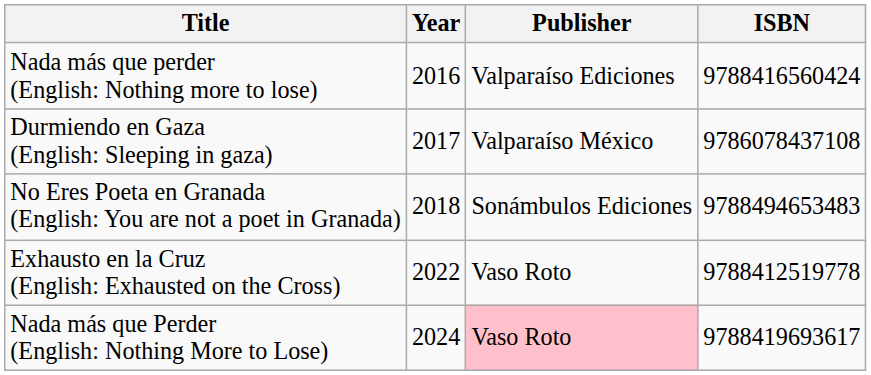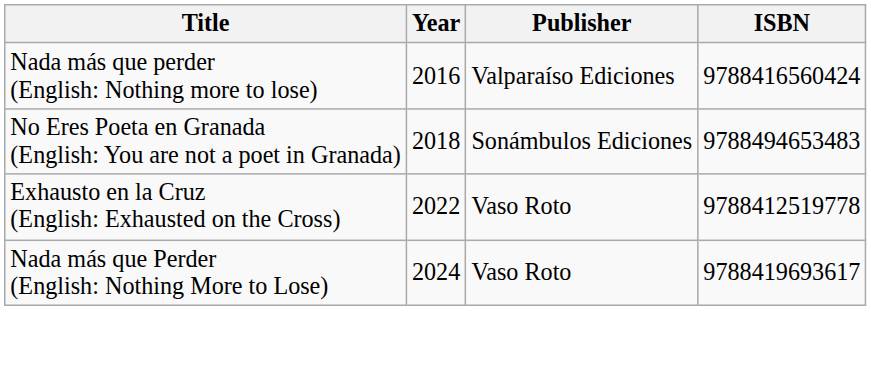 <table class="wikitable sortable">
 <tr>
 <th>Title</th>
 <th>Year</th>
 <th>Publisher</th>
 <th>ISBN</th>
 </tr>
 <tr>
 <td>Nada más que perder<br>(English: Nothing more to lose)</td>
 <td>2016</td>
 <td>Valparaíso Ediciones</td>
 <td>9788416560424</td>
-</tr>
-<tr>
-<td>Durmiendo en Gaza<br>(English: Sleeping in gaza)</td>
-<td>2017</td>
-<td>Valparaíso México</td>
-<td>9786078437108</td>
 </tr>
 <tr>
 <td>No Eres Poeta en Granada<br>(English: You are not a poet  in Granada)</td>
 <td>2018</td>
 <td>Sonámbulos Ediciones</td>
 <td>9788494653483</td>
 </tr>
 <tr>
 <td>Exhausto en la Cruz<br>(English: Exhausted on the Cross)</td>
 <td>2022</td>
 <td>Vaso Roto</td>
 <td>9788412519778</td>
 </tr>
 <tr>
 <td>Nada más que Perder<br>(English: Nothing More to Lose)</td>
 <td>2024</td>
-<td style="background: pink;">Vaso Roto</td>
+<td>Vaso Roto</td>
 <td>9788419693617</td>
 </tr>
 </table>
